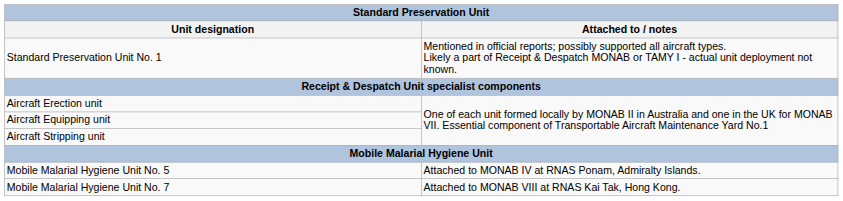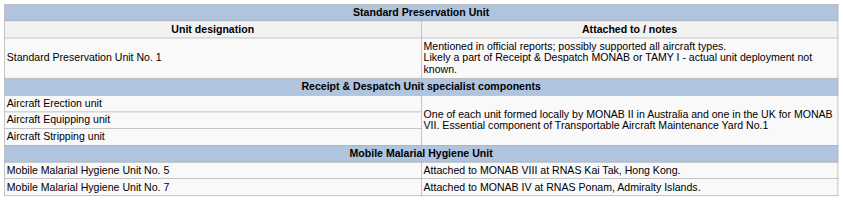 <table class="wikitable" style="margin:auto; width:100%;">
 <tr>
 <th style="align: center; background:#B0C4DE;" colspan="2">Standard Preservation Unit</th>
 </tr>
 <tr>
 <th style="text-align:center; width:50%;">Unit designation</th>
 <th style="text-align:center; width:50%;">Attached to / notes</th>
 </tr>
 <tr>
 <td>Standard Preservation Unit No. 1</td>
 <td>Mentioned in official reports; possibly supported all aircraft types.<br>Likely a part of Receipt & Despatch MONAB or TAMY I -  actual unit deployment not known.</td>
 </tr>
 <tr>
 <th style="align: center; background:#B0C4DE;" colspan="2">Receipt & Despatch Unit specialist components</th>
 </tr>
 <tr>
 <td>Aircraft Erection unit</td>
 <td rowspan="3">One of each unit formed locally by MONAB II in Australia and one in the UK for MONAB VII. Essential component of Transportable Aircraft Maintenance Yard No.1</td>
 </tr>
 <tr>
 <td>Aircraft Equipping unit</td>
 </tr>
 <tr>
 <td>Aircraft Stripping unit</td>
 </tr>
 <tr>
 <th style="align: center; background:#B0C4DE;" colspan="2">Mobile Malarial Hygiene Unit</th>
 </tr>
 <tr>
 <td>Mobile Malarial Hygiene Unit No. 5</td>
-<td>Attached to MONAB IV at RNAS Ponam, Admiralty Islands.</td>
+<td>Attached to MONAB VIII at RNAS Kai Tak, Hong Kong.</td>
 </tr>
 <tr>
 <td>Mobile Malarial Hygiene Unit No. 7</td>
-<td>Attached to MONAB VIII at RNAS Kai Tak, Hong Kong.</td>
+<td>Attached to MONAB IV at RNAS Ponam, Admiralty Islands.</td>
 </tr>
 </table>
